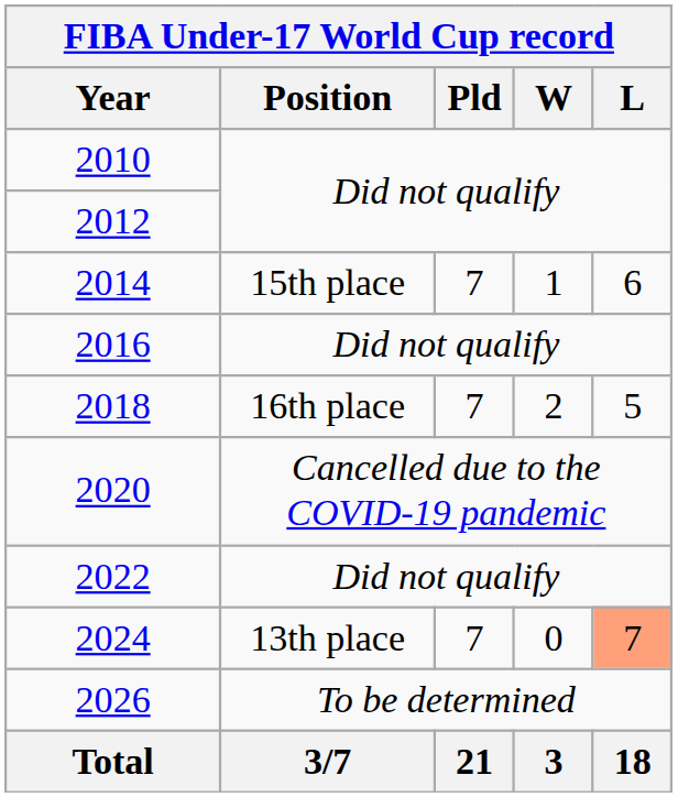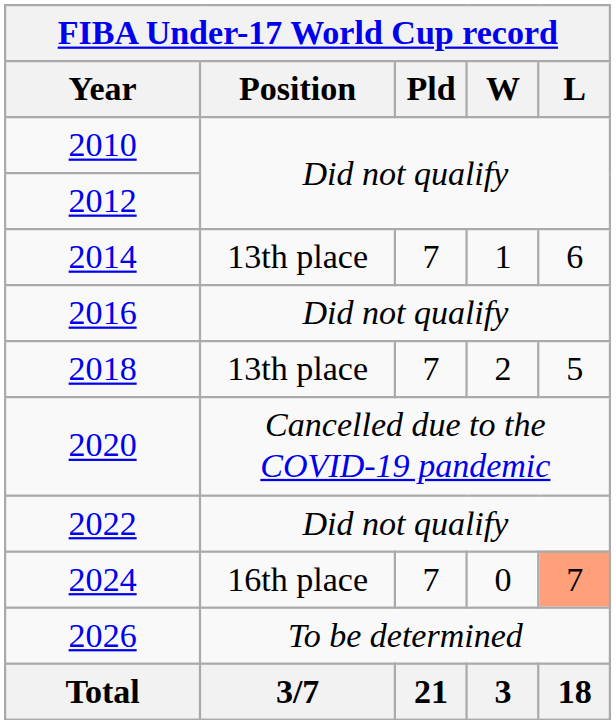 <table class="wikitable" style="text-align: center; font-size:95%;">
 <tr>
 <th colspan=9><a href='#'>FIBA Under-17 World Cup record</a></th>
 </tr>
 <tr>
 <th width=80px>Year</th>
 <th width=80px>Position</th>
 <th width=25px>Pld</th>
 <th width=25px>W</th>
 <th width=25px>L</th>
 </tr>
 <tr>
 <td> <a href='#'>2010</a></td>
 <td colspan=4 rowspan=2><em>Did not qualify</em></td>
 </tr>
 <tr>
 <td> <a href='#'>2012</a></td>
 </tr>
 <tr>
 <td> <a href='#'>2014</a></td>
-<td>15th place</td>
+<td>13th place</td>
 <td>7</td>
 <td>1</td>
 <td>6</td>
 </tr>
 <tr>
 <td> <a href='#'>2016</a></td>
 <td colspan=4><em>Did not qualify</em></td>
 </tr>
 <tr>
 <td> <a href='#'>2018</a></td>
-<td>16th place</td>
+<td>13th place</td>
 <td>7</td>
 <td>2</td>
 <td>5</td>
 </tr>
 <tr>
 <td> <a href='#'>2020</a></td>
 <td colspan=4><em>Cancelled due to the<br><a href='#'>COVID-19 pandemic</a></em></td>
 </tr>
 <tr>
 <td> <a href='#'>2022</a></td>
 <td colspan=4><em>Did not qualify</em></td>
 </tr>
 <tr>
 <td> <a href='#'>2024</a></td>
-<td>13th place</td>
+<td>16th place</td>
 <td>7</td>
 <td>0</td>
 <td style="background: lightsalmon;">7</td>
 </tr>
 <tr>
 <td> <a href='#'>2026</a></td>
 <td colspan=4><em>To be determined</em></td>
 </tr>
 <tr>
 <th>Total</th>
 <th>3/7</th>
 <th>21</th>
 <th>3</th>
 <th>18</th>
 </tr>
 </table>
